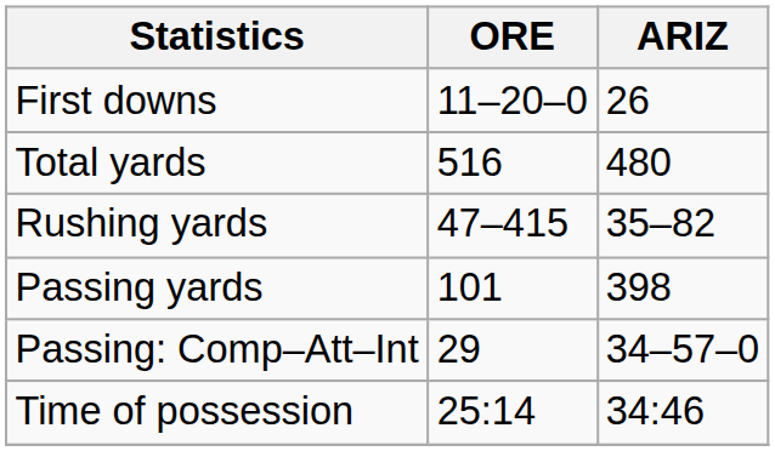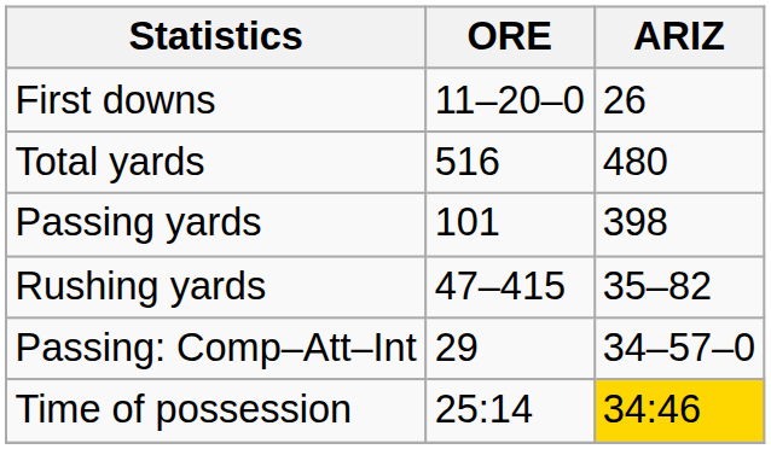 <table class="wikitable" style="float: left;">
 <tr>
 <th>Statistics</th>
 <th>ORE</th>
 <th>ARIZ</th>
 </tr>
 <tr>
 <td>First downs</td>
 <td>11–20–0</td>
 <td>26</td>
 </tr>
 <tr>
 <td>Total yards</td>
 <td>516</td>
 <td>480</td>
 </tr>
 <tr>
+<td>Passing yards</td>
+<td>101</td>
+<td>398</td>
+</tr>
+<tr>
 <td>Rushing yards</td>
 <td>47–415</td>
 <td>35–82</td>
-</tr>
-<tr>
-<td>Passing yards</td>
-<td>101</td>
-<td>398</td>
 </tr>
 <tr>
 <td>Passing: Comp–Att–Int</td>
 <td>29</td>
 <td>34–57–0</td>
 </tr>
 <tr>
 <td>Time of possession</td>
 <td>25:14</td>
-<td>34:46</td>
+<td style="background: gold;">34:46</td>
 </tr>
 <tr>
 </tr>
 </table>
